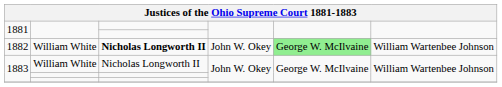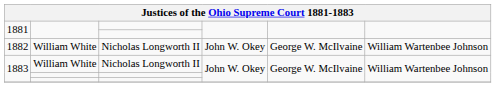 <table class="wikitable collapsible collapsed">
 <tr>
 <th colspan=6>Justices of the <a href='#'>Ohio Supreme Court</a> 1881-1883</th>
 </tr>
 <tr>
 <td rowspan=2>1881</td>
 <td rowspan=2 ></td>
 <td></td>
 <td rowspan=2 ></td>
 <td rowspan=2 ></td>
 <td rowspan=2 ></td>
 </tr>
 <tr>
 <td></td>
 </tr>
 <tr>
 <td>1882</td>
 <td>William White</td>
-<td><strong>Nicholas Longworth II</strong></td>
+<td>Nicholas Longworth II</td>
 <td>John W. Okey</td>
-<td style="background: lightgreen;">George W. McIlvaine</td>
+<td>George W. McIlvaine</td>
 <td>William Wartenbee Johnson</td>
 </tr>
 <tr>
 <td rowspan=3>1883</td>
 <td>William White</td>
 <td>Nicholas Longworth II</td>
 <td rowspan=3 >John W. Okey</td>
 <td rowspan=3 >George W. McIlvaine</td>
 <td rowspan=3 >William Wartenbee Johnson</td>
 </tr>
 <tr>
 <td></td>
 <td></td>
 </tr>
 <tr>
 <td></td>
 <td></td>
 </tr>
 <tr>
 </tr>
 </table>
